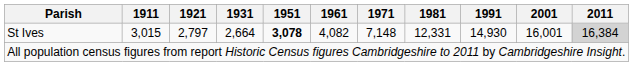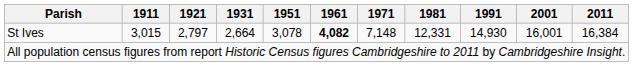 <table class="wikitable" style="text-align:center;">
 <tr>
 <th width="150">Parish</th>
 <th>1911</th>
 <th>1921</th>
 <th>1931</th>
 <th>1951</th>
 <th>1961</th>
 <th>1971</th>
 <th>1981</th>
 <th>1991</th>
 <th>2001</th>
 <th>2011</th>
 </tr>
 <tr>
 <td align=left>St Ives</td>
 <td align="center">3,015</td>
 <td align="center">2,797</td>
 <td align="center">2,664</td>
-<td align="center"><strong>3,078</strong></td>
-<td align="center">4,082</td>
+<td align="center">3,078</td>
+<td align="center"><strong>4,082</strong></td>
 <td align="center">7,148</td>
 <td align="center">12,331</td>
 <td align="center">14,930</td>
 <td align="center">16,001</td>
-<td align="center" style="background: lightgrey;">16,384</td>
+<td align="center">16,384</td>
 </tr>
 <tr>
 <td colspan="11">All population census figures from report <em>Historic Census figures Cambridgeshire to 2011</em> by <em>Cambridgeshire Insight</em>.</td>
 </tr>
 </table>
